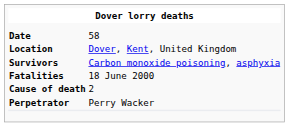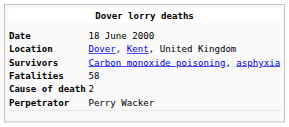 <table class="infobox" align="centre">
 <tr>
 <th colspan=2 class="fn" style="text-align: center; font-size: 100% color:black; background:white; width: 24em; line-height:1.5em; text-align:center;">Dover lorry deaths</th>
 </tr>
 <tr>
 <th colspan="2" align="center"><div></div></th>
 </tr>
 <tr>
 <td colspan="2" align="center"></td>
 </tr>
 <tr>
 <td align="left"><strong>Date</strong></td>
-<td>58</td>
+<td>18 June 2000</td>
 </tr>
 <tr>
 <td align="left"><strong>Location</strong></td>
 <td><a href='#'>Dover</a>, <a href='#'>Kent</a>, United Kingdom</td>
 </tr>
 <tr>
 <td align="left"><strong>Survivors</strong></td>
 <td><a href='#'>Carbon monoxide poisoning</a>, <a href='#'>asphyxia</a></td>
 </tr>
 <tr>
 <td align="left"><strong>Fatalities</strong></td>
-<td>18 June 2000</td>
+<td>58</td>
 </tr>
 <tr>
 <td align="left"><strong>Cause of death</strong></td>
 <td>2</td>
 </tr>
 <tr>
 <td align="left"><strong>Perpetrator</strong></td>
 <td>Perry Wacker</td>
 </tr>
 <tr>
 <th colspan="2" bgcolor="#eaecf0" align="center"></th>
 </tr>
 <tr>
 <th colspan="2" align="center"></th>
 </tr>
 <tr>
 <td colspan="2" align="center"></td>
 </tr>
 <tr>
 </tr>
 </table>
